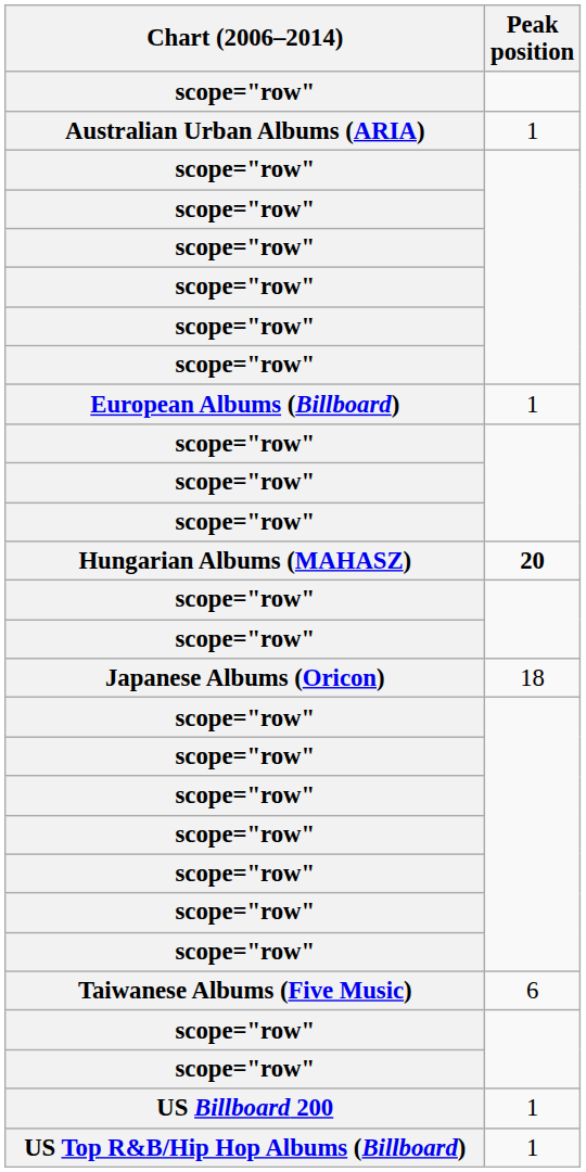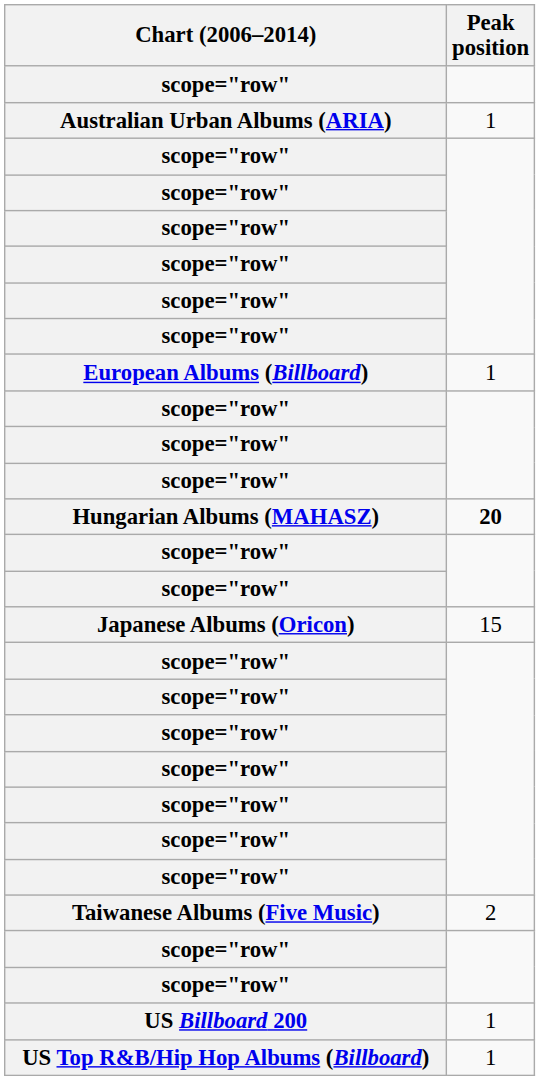 <table class="wikitable plainrowheaders sortable" style="text-align:center;">
 <tr>
 <th scope="col" style="width:19em;">Chart (2006–2014)</th>
 <th scope="col">Peak<br>position</th>
 </tr>
 <tr>
 <th>scope="row" </th>
 </tr>
 <tr>
 <th scope="row">Australian Urban Albums (<a href='#'>ARIA</a>)</th>
 <td>1</td>
 </tr>
 <tr>
 <th>scope="row" </th>
 </tr>
 <tr>
 <th>scope="row" </th>
 </tr>
 <tr>
 <th>scope="row" </th>
 </tr>
 <tr>
 <th>scope="row" </th>
 </tr>
 <tr>
 <th>scope="row" </th>
 </tr>
 <tr>
 <th>scope="row" </th>
 </tr>
 <tr>
 <th scope="row"><a href='#'>European Albums</a> (<em><a href='#'>Billboard</a></em>)</th>
 <td style="text-align:center;">1</td>
 </tr>
 <tr>
 <th>scope="row" </th>
 </tr>
 <tr>
 <th>scope="row" </th>
 </tr>
 <tr>
 <th>scope="row" </th>
 </tr>
 <tr>
 <th scope="row">Hungarian Albums (<a href='#'>MAHASZ</a>)</th>
 <td><strong>20</strong></td>
 </tr>
 <tr>
 <th>scope="row" </th>
 </tr>
 <tr>
 <th>scope="row" </th>
 </tr>
 <tr>
 <th scope="row">Japanese Albums (<a href='#'>Oricon</a>)</th>
-<td>18</td>
+<td>15</td>
 </tr>
 <tr>
 <th>scope="row" </th>
 </tr>
 <tr>
 <th>scope="row" </th>
 </tr>
 <tr>
 <th>scope="row" </th>
 </tr>
 <tr>
 <th>scope="row" </th>
 </tr>
 <tr>
 <th>scope="row" </th>
 </tr>
 <tr>
 <th>scope="row" </th>
 </tr>
 <tr>
 <th>scope="row" </th>
 </tr>
 <tr>
 <th scope="row">Taiwanese Albums (<a href='#'>Five Music</a>)</th>
-<td>6</td>
+<td>2</td>
 </tr>
 <tr>
 <th>scope="row" </th>
 </tr>
 <tr>
 <th>scope="row" </th>
 </tr>
 <tr>
 <th scope="row">US <a href='#'><em>Billboard</em> 200</a></th>
 <td>1</td>
 </tr>
 <tr>
 <th scope="row">US <a href='#'>Top R&B/Hip Hop Albums</a> (<em><a href='#'>Billboard</a></em>)</th>
 <td>1</td>
 </tr>
 </table>
